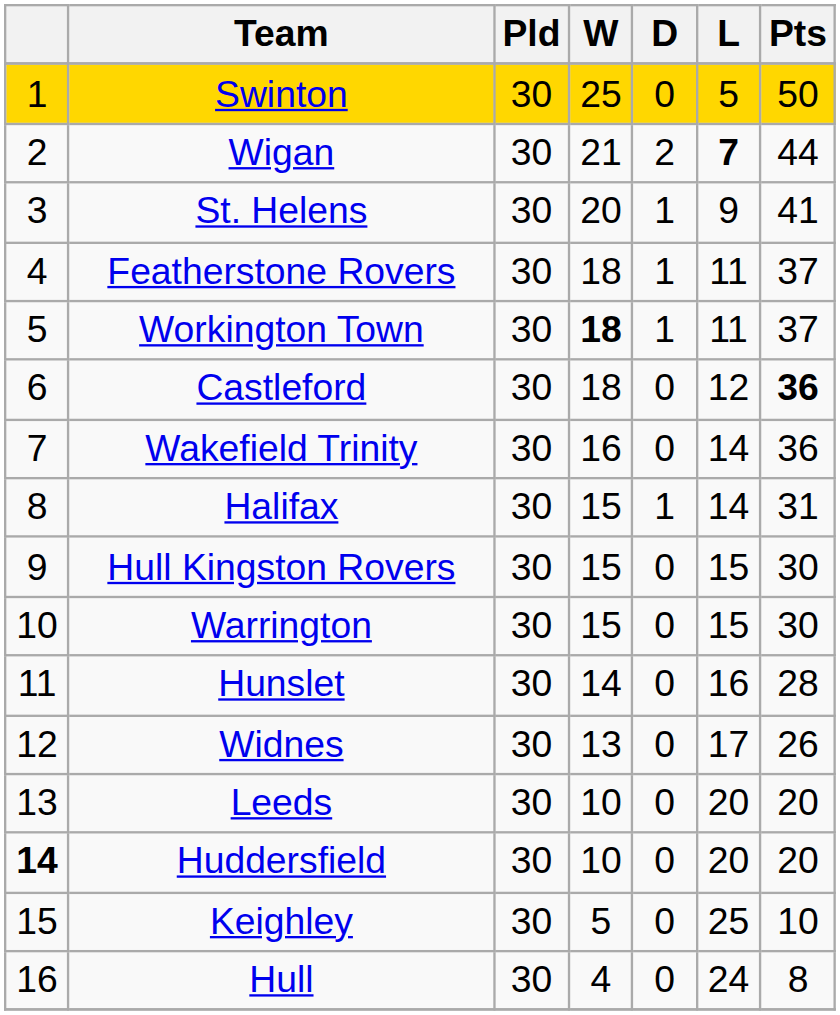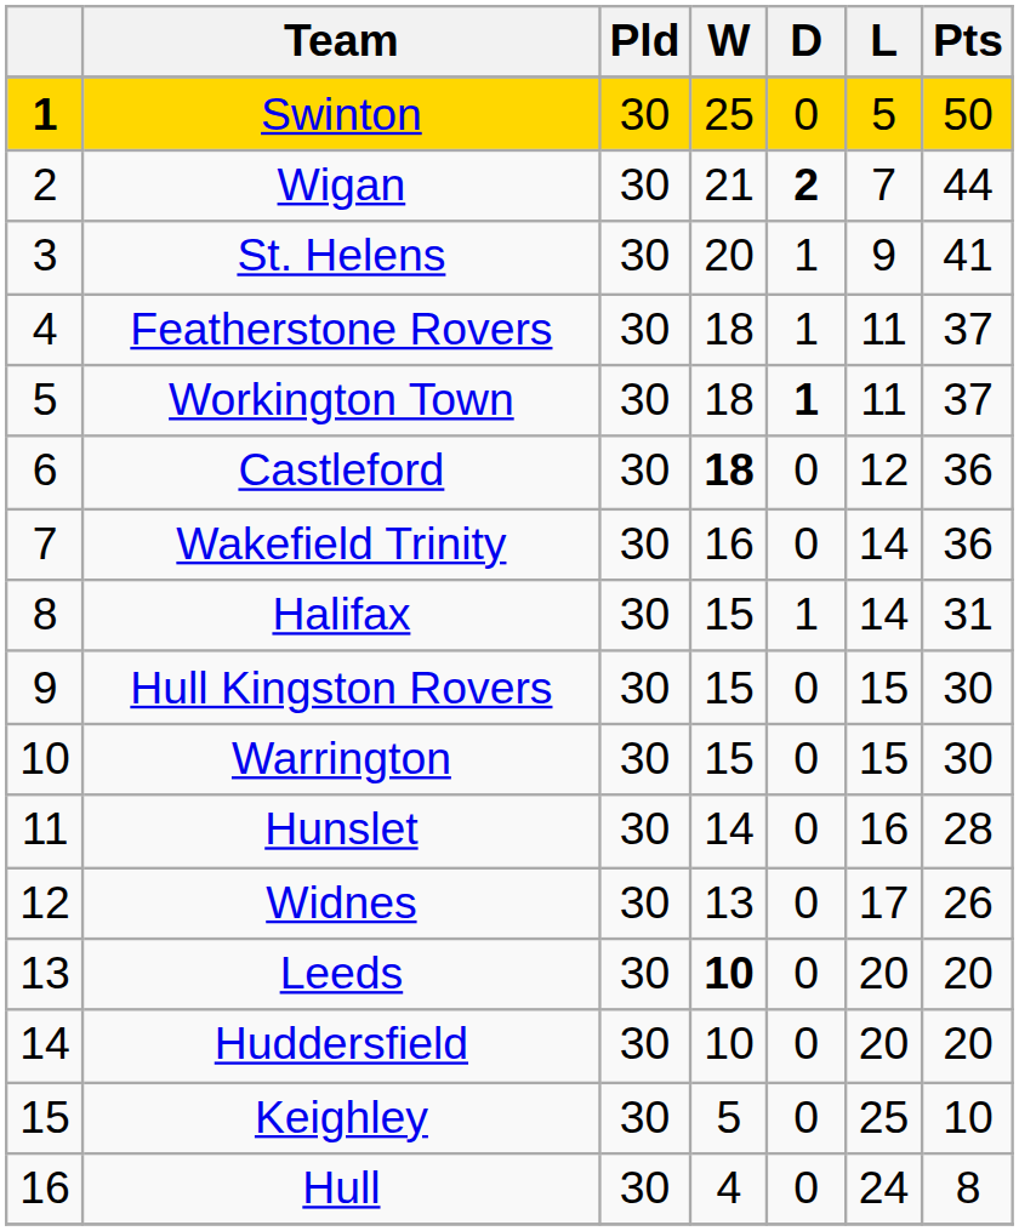 <table class="wikitable" style="text-align:center;">
 <tr>
 <th width=20 abbr="Position"></th>
 <th width=175>Team</th>
 <th width=20 abbr="Played">Pld</th>
 <th width=20 abbr="Won">W</th>
 <th width=20 abbr="Drawn">D</th>
 <th width=20 abbr="Lost">L</th>
 <th width=20 abbr="Points">Pts</th>
 </tr>
 <tr>
 </tr>
 <tr align=center style="background:#FFD700;">
-<td>1</td>
+<td><strong>1</strong></td>
 <td><a href='#'>Swinton</a></td>
 <td>30</td>
 <td>25</td>
 <td>0</td>
 <td>5</td>
 <td>50</td>
 </tr>
 <tr align=center style="background:">
 <td>2</td>
 <td><a href='#'>Wigan</a></td>
 <td>30</td>
 <td>21</td>
-<td>2</td>
-<td><strong>7</strong></td>
+<td><strong>2</strong></td>
+<td>7</td>
 <td>44</td>
 </tr>
 <tr align=center style="background:">
 <td>3</td>
 <td><a href='#'>St. Helens</a></td>
 <td>30</td>
 <td>20</td>
 <td>1</td>
 <td>9</td>
 <td>41</td>
 </tr>
 <tr align=center style="background:">
 <td>4</td>
 <td><a href='#'>Featherstone Rovers</a></td>
 <td>30</td>
 <td>18</td>
 <td>1</td>
 <td>11</td>
 <td>37</td>
 </tr>
 <tr align=center style="background:">
 <td>5</td>
 <td><a href='#'>Workington Town</a></td>
 <td>30</td>
-<td><strong>18</strong></td>
-<td>1</td>
+<td>18</td>
+<td><strong>1</strong></td>
 <td>11</td>
 <td>37</td>
 </tr>
 <tr align=center style="background:">
 <td>6</td>
 <td><a href='#'>Castleford</a></td>
 <td>30</td>
-<td>18</td>
+<td><strong>18</strong></td>
 <td>0</td>
 <td>12</td>
-<td><strong>36</strong></td>
+<td>36</td>
 </tr>
 <tr align=center style="background:">
 <td>7</td>
 <td><a href='#'>Wakefield Trinity</a></td>
 <td>30</td>
 <td>16</td>
 <td>0</td>
 <td>14</td>
 <td>36</td>
 </tr>
 <tr align=center style="background:">
 <td>8</td>
 <td><a href='#'>Halifax</a></td>
 <td>30</td>
 <td>15</td>
 <td>1</td>
 <td>14</td>
 <td>31</td>
 </tr>
 <tr align=center style="background:">
 <td>9</td>
 <td><a href='#'>Hull Kingston Rovers</a></td>
 <td>30</td>
 <td>15</td>
 <td>0</td>
 <td>15</td>
 <td>30</td>
 </tr>
 <tr align=center style="background:">
 <td>10</td>
 <td><a href='#'>Warrington</a></td>
 <td>30</td>
 <td>15</td>
 <td>0</td>
 <td>15</td>
 <td>30</td>
 </tr>
 <tr align=center style="background:">
 <td>11</td>
 <td><a href='#'>Hunslet</a></td>
 <td>30</td>
 <td>14</td>
 <td>0</td>
 <td>16</td>
 <td>28</td>
 </tr>
 <tr align=center style="background:">
 <td>12</td>
 <td><a href='#'>Widnes</a></td>
 <td>30</td>
 <td>13</td>
 <td>0</td>
 <td>17</td>
 <td>26</td>
 </tr>
 <tr align=center style="background:">
 <td>13</td>
 <td><a href='#'>Leeds</a></td>
 <td>30</td>
-<td>10</td>
+<td><strong>10</strong></td>
 <td>0</td>
 <td>20</td>
 <td>20</td>
 </tr>
 <tr align=center style="background:">
-<td><strong>14</strong></td>
+<td>14</td>
 <td><a href='#'>Huddersfield</a></td>
 <td>30</td>
 <td>10</td>
 <td>0</td>
 <td>20</td>
 <td>20</td>
 </tr>
 <tr align=center style="background:">
 <td>15</td>
 <td><a href='#'>Keighley</a></td>
 <td>30</td>
 <td>5</td>
 <td>0</td>
 <td>25</td>
 <td>10</td>
 </tr>
 <tr align=center style="background:">
 <td>16</td>
 <td><a href='#'>Hull</a></td>
 <td>30</td>
 <td>4</td>
 <td>0</td>
 <td>24</td>
 <td>8</td>
 </tr>
 <tr>
 </tr>
 </table>
